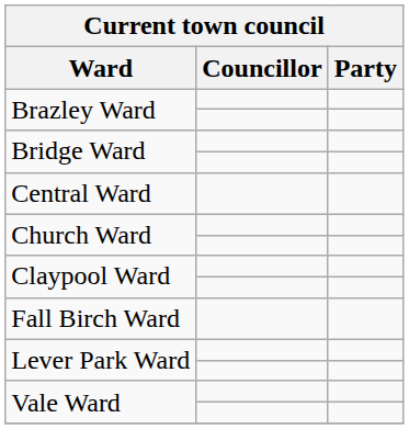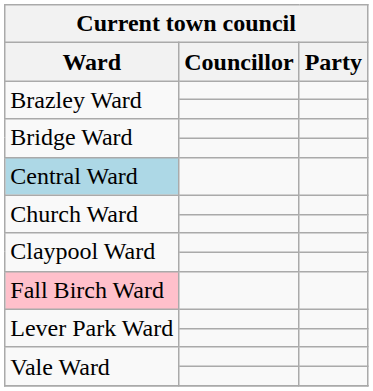 <table class="wikitable sortable">
 <tr>
 <th colspan="4">Current town council</th>
 </tr>
 <tr>
 <th>Ward</th>
 <th>Councillor</th>
 <th colspan="2">Party</th>
 </tr>
 <tr>
 <td rowspan="2">Brazley Ward</td>
 <td></td>
 <td></td>
 </tr>
 <tr>
 <td></td>
 <td></td>
 </tr>
 <tr>
 <td rowspan="2">Bridge Ward</td>
 <td></td>
 <td></td>
 </tr>
 <tr>
 <td></td>
 <td></td>
 </tr>
 <tr>
-<td>Central Ward</td>
+<td style="background: lightblue;">Central Ward</td>
 <td></td>
 <td></td>
 </tr>
 <tr>
 <td rowspan="2">Church Ward</td>
 <td></td>
 <td></td>
 </tr>
 <tr>
 <td></td>
 <td></td>
 </tr>
 <tr>
 <td rowspan="2">Claypool Ward</td>
 <td></td>
 <td></td>
 </tr>
 <tr>
 <td></td>
 <td></td>
 </tr>
 <tr>
-<td>Fall Birch Ward</td>
+<td style="background: pink;">Fall Birch Ward</td>
 <td></td>
 <td></td>
 </tr>
 <tr>
 <td rowspan="2">Lever Park Ward</td>
 <td></td>
 <td></td>
 </tr>
 <tr>
 <td></td>
 <td></td>
 </tr>
 <tr>
 <td rowspan="2">Vale Ward</td>
 <td></td>
 <td></td>
 </tr>
 <tr>
 <td></td>
 <td></td>
 </tr>
 <tr>
 </tr>
 </table>
